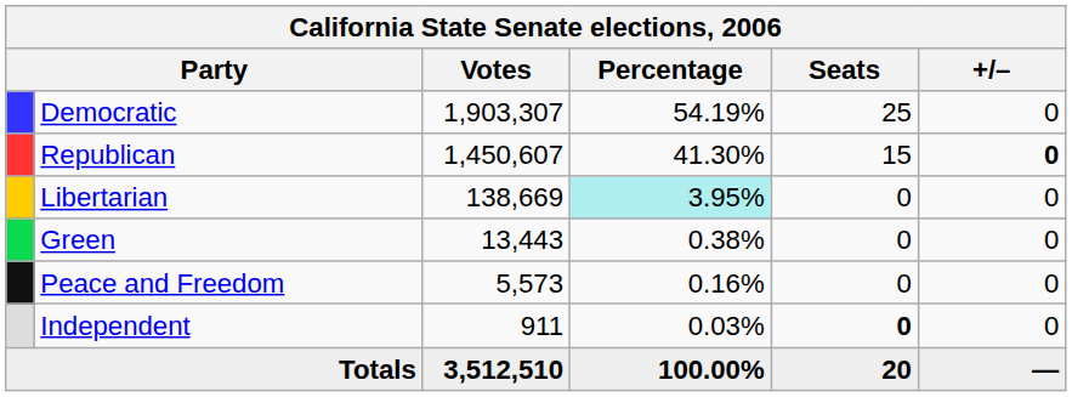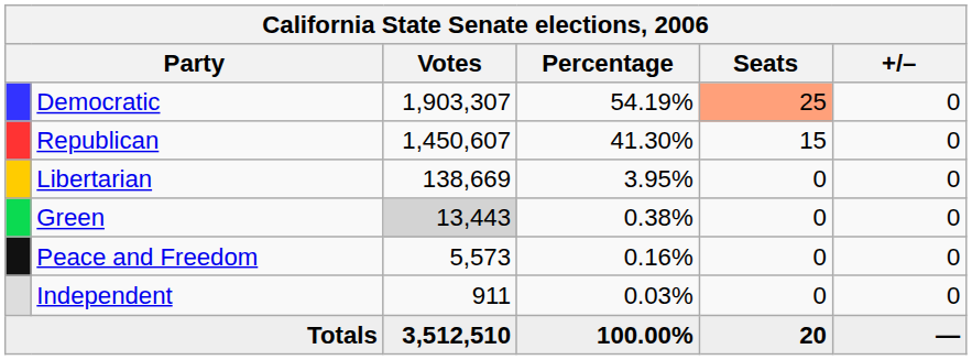 <table class="wikitable" style="font-size: 95%;">
 <tr style="background:#e9e9e9;">
 <th colspan="6">California State Senate elections, 2006</th>
 </tr>
 <tr style="background:#eee; text-align:center;">
 <th colspan=2 style="width: 15em">Party</th>
 <th style="width: 5em">Votes</th>
 <th style="width: 7em">Percentage</th>
 <th style="width: 5em">Seats</th>
 <th style="width: 5em">+/–</th>
 </tr>
 <tr>
 <th style="background:#33f; width:3px;"></th>
 <td style="width: 130px"><a href='#'>Democratic</a></td>
 <td style="text-align:right;">1,903,307</td>
 <td style="text-align:right;">54.19%</td>
-<td style="text-align:right;">25</td>
+<td style="background: lightsalmon; text-align:right;">25</td>
 <td style="text-align:right;">0</td>
 </tr>
 <tr>
 <th style="background:#f33; width:3px;"></th>
 <td style="width: 130px"><a href='#'>Republican</a></td>
 <td style="text-align:right;">1,450,607</td>
 <td style="text-align:right;">41.30%</td>
 <td style="text-align:right;">15</td>
-<td style="text-align:right;"><strong>0</strong></td>
+<td style="text-align:right;">0</td>
 </tr>
 <tr>
 <th style="background:#fc0; width:3px;"></th>
 <td style="width: 130px"><a href='#'>Libertarian</a></td>
 <td style="text-align:right;">138,669</td>
-<td style="background: paleturquoise; text-align:right;">3.95%</td>
+<td style="text-align:right;">3.95%</td>
 <td style="text-align:right;">0</td>
 <td style="text-align:right;">0</td>
 </tr>
 <tr>
 <th style="background:#0bda51; width:3px;"></th>
 <td style="width: 130px"><a href='#'>Green</a></td>
-<td style="text-align:right;">13,443</td>
+<td style="background: lightgrey; text-align:right;">13,443</td>
 <td style="text-align:right;">0.38%</td>
 <td style="text-align:right;">0</td>
 <td style="text-align:right;">0</td>
 </tr>
 <tr>
 <th style="background:#111; width:3px;"></th>
 <td style="width: 130px"><a href='#'>Peace and Freedom</a></td>
 <td style="text-align:right;">5,573</td>
 <td style="text-align:right;">0.16%</td>
 <td style="text-align:right;">0</td>
 <td style="text-align:right;">0</td>
 </tr>
 <tr>
 <th style="background:#ddd; width:3px;"></th>
 <td style="width: 130px"><a href='#'>Independent</a></td>
 <td style="text-align:right;">911</td>
 <td style="text-align:right;">0.03%</td>
-<td style="text-align:right;"><strong>0</strong></td>
+<td style="text-align:right;">0</td>
 <td style="text-align:right;">0</td>
 </tr>
 <tr style="background:#eee; text-align:right;">
 <td colspan="2"><strong>Totals</strong></td>
 <td><strong>3,512,510</strong></td>
 <td><strong>100.00%</strong></td>
 <td><strong>20</strong></td>
 <td><strong>—</strong></td>
 </tr>
 </table>
